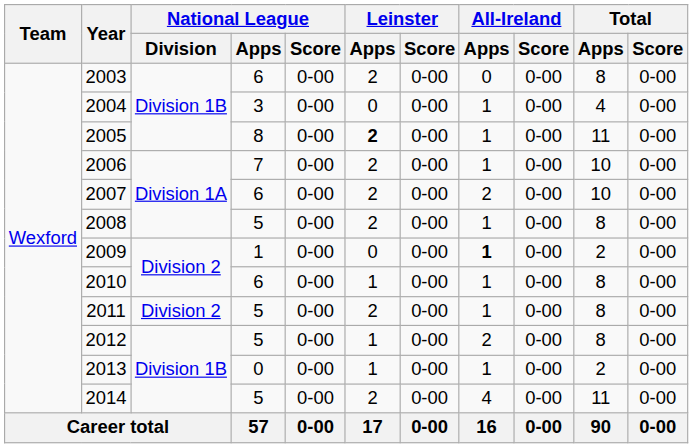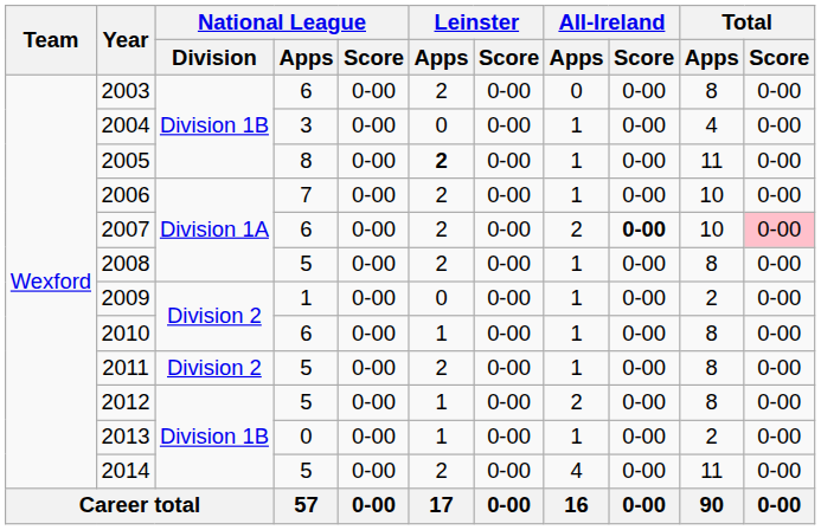 <table class="wikitable" style="text-align:center">
 <tr>
 <th rowspan="2">Team</th>
 <th rowspan="2">Year</th>
 <th colspan="3"><a href='#'>National League</a></th>
 <th colspan="2"><a href='#'>Leinster</a></th>
 <th colspan="2"><a href='#'>All-Ireland</a></th>
 <th colspan="2">Total</th>
 </tr>
 <tr>
 <th>Division</th>
 <th>Apps</th>
 <th>Score</th>
 <th>Apps</th>
 <th>Score</th>
 <th>Apps</th>
 <th>Score</th>
 <th>Apps</th>
 <th>Score</th>
 </tr>
 <tr>
 <td rowspan="12"><a href='#'>Wexford</a></td>
 <td>2003</td>
 <td rowspan="3"><a href='#'>Division 1B</a></td>
 <td>6</td>
 <td>0-00</td>
 <td>2</td>
 <td>0-00</td>
 <td>0</td>
 <td>0-00</td>
 <td>8</td>
 <td>0-00</td>
 </tr>
 <tr>
 <td>2004</td>
 <td>3</td>
 <td>0-00</td>
 <td>0</td>
 <td>0-00</td>
 <td>1</td>
 <td>0-00</td>
 <td>4</td>
 <td>0-00</td>
 </tr>
 <tr>
 <td>2005</td>
 <td>8</td>
 <td>0-00</td>
 <td><strong>2</strong></td>
 <td>0-00</td>
 <td>1</td>
 <td>0-00</td>
 <td>11</td>
 <td>0-00</td>
 </tr>
 <tr>
 <td>2006</td>
 <td rowspan="3"><a href='#'>Division 1A</a></td>
 <td>7</td>
 <td>0-00</td>
 <td>2</td>
 <td>0-00</td>
 <td>1</td>
 <td>0-00</td>
 <td>10</td>
 <td>0-00</td>
 </tr>
 <tr>
 <td>2007</td>
 <td>6</td>
 <td>0-00</td>
 <td>2</td>
 <td>0-00</td>
 <td>2</td>
-<td>0-00</td>
+<td><strong>0-00</strong></td>
 <td>10</td>
-<td>0-00</td>
+<td style="background: pink;">0-00</td>
 </tr>
 <tr>
 <td>2008</td>
 <td>5</td>
 <td>0-00</td>
 <td>2</td>
 <td>0-00</td>
 <td>1</td>
 <td>0-00</td>
 <td>8</td>
 <td>0-00</td>
 </tr>
 <tr>
 <td>2009</td>
 <td rowspan="2"><a href='#'>Division 2</a></td>
 <td>1</td>
 <td>0-00</td>
 <td>0</td>
 <td>0-00</td>
-<td><strong>1</strong></td>
+<td>1</td>
 <td>0-00</td>
 <td>2</td>
 <td>0-00</td>
 </tr>
 <tr>
 <td>2010</td>
 <td>6</td>
 <td>0-00</td>
 <td>1</td>
 <td>0-00</td>
 <td>1</td>
 <td>0-00</td>
 <td>8</td>
 <td>0-00</td>
 </tr>
 <tr>
 <td>2011</td>
 <td rowspan="1"><a href='#'>Division 2</a></td>
 <td>5</td>
 <td>0-00</td>
 <td>2</td>
 <td>0-00</td>
 <td>1</td>
 <td>0-00</td>
 <td>8</td>
 <td>0-00</td>
 </tr>
 <tr>
 <td>2012</td>
 <td rowspan="3"><a href='#'>Division 1B</a></td>
 <td>5</td>
 <td>0-00</td>
 <td>1</td>
 <td>0-00</td>
 <td>2</td>
 <td>0-00</td>
 <td>8</td>
 <td>0-00</td>
 </tr>
 <tr>
 <td>2013</td>
 <td>0</td>
 <td>0-00</td>
 <td>1</td>
 <td>0-00</td>
 <td>1</td>
 <td>0-00</td>
 <td>2</td>
 <td>0-00</td>
 </tr>
 <tr>
 <td>2014</td>
 <td>5</td>
 <td>0-00</td>
 <td>2</td>
 <td>0-00</td>
 <td>4</td>
 <td>0-00</td>
 <td>11</td>
 <td>0-00</td>
 </tr>
 <tr>
 <th colspan="3">Career total</th>
 <th>57</th>
 <th>0-00</th>
 <th>17</th>
 <th>0-00</th>
 <th>16</th>
 <th>0-00</th>
 <th>90</th>
 <th>0-00</th>
 </tr>
 </table>
